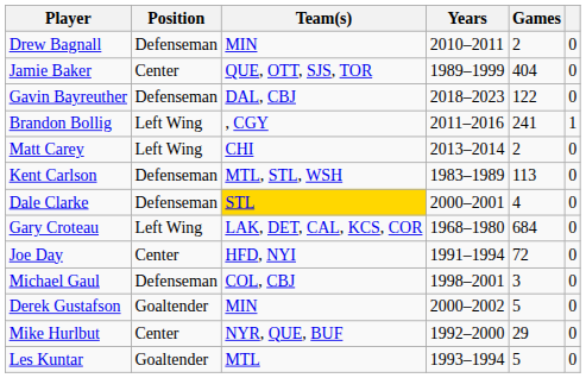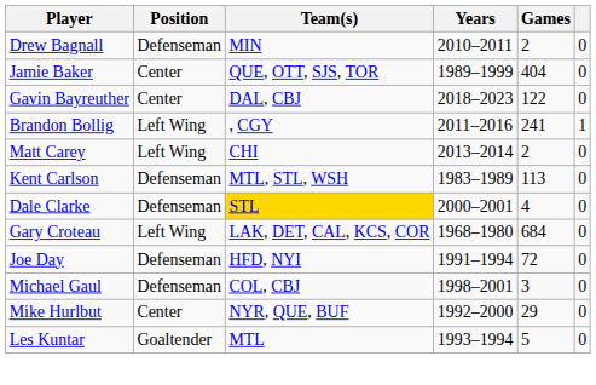 <table class="wikitable sortable">
 <tr>
 <th>Player</th>
 <th>Position</th>
 <th>Team(s)</th>
 <th>Years</th>
 <th>Games</th>
 <th><a href='#'></a></th>
 </tr>
 <tr>
 <td><a href='#'>Drew Bagnall</a></td>
 <td>Defenseman</td>
 <td><a href='#'>MIN</a></td>
 <td>2010–2011</td>
 <td>2</td>
 <td>0</td>
 </tr>
 <tr>
 <td><a href='#'>Jamie Baker</a></td>
 <td>Center</td>
 <td><a href='#'>QUE</a>, <a href='#'>OTT</a>, <a href='#'>SJS</a>, <a href='#'>TOR</a></td>
 <td>1989–1999</td>
 <td>404</td>
 <td>0</td>
 </tr>
 <tr>
 <td><a href='#'>Gavin Bayreuther</a></td>
-<td>Defenseman</td>
+<td>Center</td>
 <td><a href='#'>DAL</a>, <a href='#'>CBJ</a></td>
 <td>2018–2023</td>
 <td>122</td>
 <td>0</td>
 </tr>
 <tr>
 <td><a href='#'>Brandon Bollig</a></td>
 <td>Left Wing</td>
 <td><span><strong></strong></span>, <a href='#'>CGY</a></td>
 <td>2011–2016</td>
 <td>241</td>
 <td>1</td>
 </tr>
 <tr>
 <td><a href='#'>Matt Carey</a></td>
 <td>Left Wing</td>
 <td><a href='#'>CHI</a></td>
 <td>2013–2014</td>
 <td>2</td>
 <td>0</td>
 </tr>
 <tr>
 <td><a href='#'>Kent Carlson</a></td>
 <td>Defenseman</td>
 <td><a href='#'>MTL</a>, <a href='#'>STL</a>, <a href='#'>WSH</a></td>
 <td>1983–1989</td>
 <td>113</td>
 <td>0</td>
 </tr>
 <tr>
 <td><a href='#'>Dale Clarke</a></td>
 <td>Defenseman</td>
 <td style="background: gold;"><a href='#'>STL</a></td>
 <td>2000–2001</td>
 <td>4</td>
 <td>0</td>
 </tr>
 <tr>
 <td><a href='#'>Gary Croteau</a></td>
 <td>Left Wing</td>
 <td><a href='#'>LAK</a>, <a href='#'>DET</a>, <a href='#'>CAL</a>, <a href='#'>KCS</a>, <a href='#'>COR</a></td>
 <td>1968–1980</td>
 <td>684</td>
 <td>0</td>
 </tr>
 <tr>
 <td><a href='#'>Joe Day</a></td>
-<td>Center</td>
+<td>Defenseman</td>
 <td><a href='#'>HFD</a>, <a href='#'>NYI</a></td>
 <td>1991–1994</td>
 <td>72</td>
 <td>0</td>
 </tr>
 <tr>
 <td><a href='#'>Michael Gaul</a></td>
 <td>Defenseman</td>
 <td><a href='#'>COL</a>, <a href='#'>CBJ</a></td>
 <td>1998–2001</td>
 <td>3</td>
-<td>0</td>
-</tr>
-<tr>
-<td><a href='#'>Derek Gustafson</a></td>
-<td>Goaltender</td>
-<td><a href='#'>MIN</a></td>
-<td>2000–2002</td>
-<td>5</td>
 <td>0</td>
 </tr>
 <tr>
 <td><a href='#'>Mike Hurlbut</a></td>
 <td>Center</td>
 <td><a href='#'>NYR</a>, <a href='#'>QUE</a>, <a href='#'>BUF</a></td>
 <td>1992–2000</td>
 <td>29</td>
 <td>0</td>
 </tr>
 <tr>
 <td><a href='#'>Les Kuntar</a></td>
 <td>Goaltender</td>
 <td><a href='#'>MTL</a></td>
 <td>1993–1994</td>
 <td>5</td>
 <td>0</td>
 </tr>
 </table>
